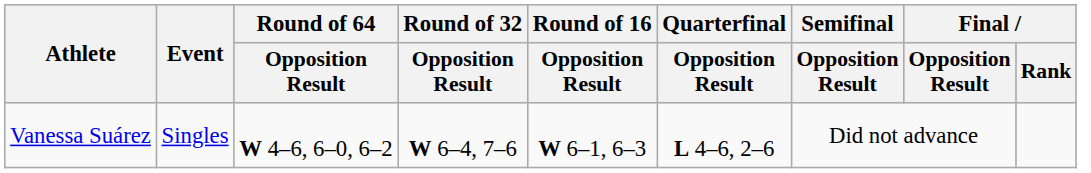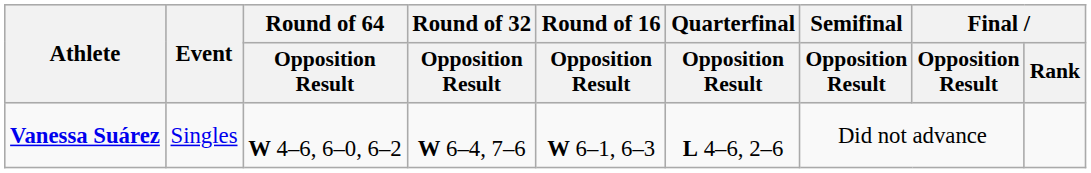 <table class=wikitable style=font-size:90%;text-align:center>
 <tr>
 <th rowspan=2>Athlete</th>
 <th rowspan=2>Event</th>
 <th>Round of 64</th>
 <th>Round of 32</th>
 <th>Round of 16</th>
 <th>Quarterfinal</th>
 <th>Semifinal</th>
 <th colspan=2>Final / </th>
 </tr>
 <tr style=font-size:95%>
 <th>Opposition<br>Result</th>
 <th>Opposition<br>Result</th>
 <th>Opposition<br>Result</th>
 <th>Opposition<br>Result</th>
 <th>Opposition<br>Result</th>
 <th>Opposition<br>Result</th>
 <th>Rank</th>
 </tr>
 <tr>
-<td align=left><a href='#'>Vanessa Suárez</a></td>
+<td align=left><strong><a href='#'>Vanessa Suárez</a></strong></td>
 <td align=left rowspan=3><a href='#'>Singles</a></td>
 <td><br><strong>W</strong> 4–6, 6–0, 6–2</td>
 <td><br><strong>W</strong> 6–4, 7–6</td>
 <td><br><strong>W</strong> 6–1, 6–3</td>
 <td><br><strong>L</strong> 4–6, 2–6</td>
 <td colspan=2>Did not advance</td>
 <td></td>
 </tr>
 </table>
